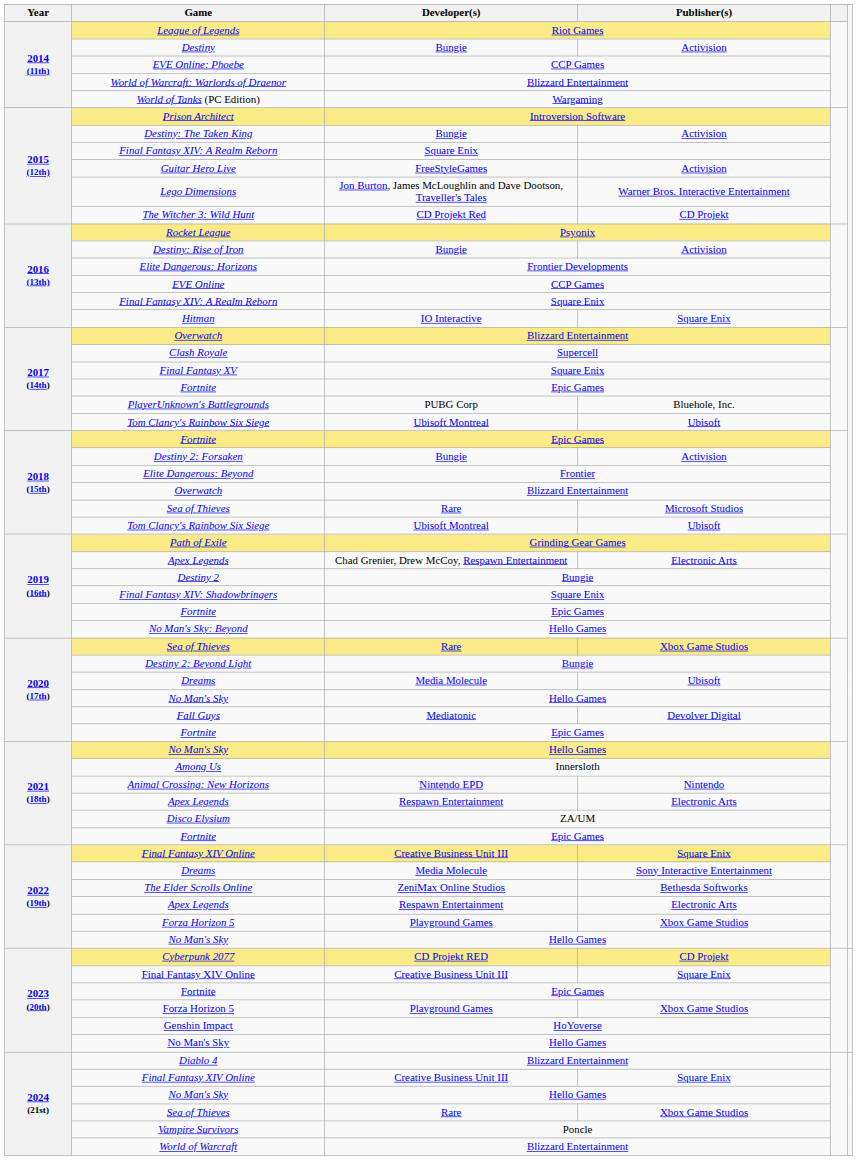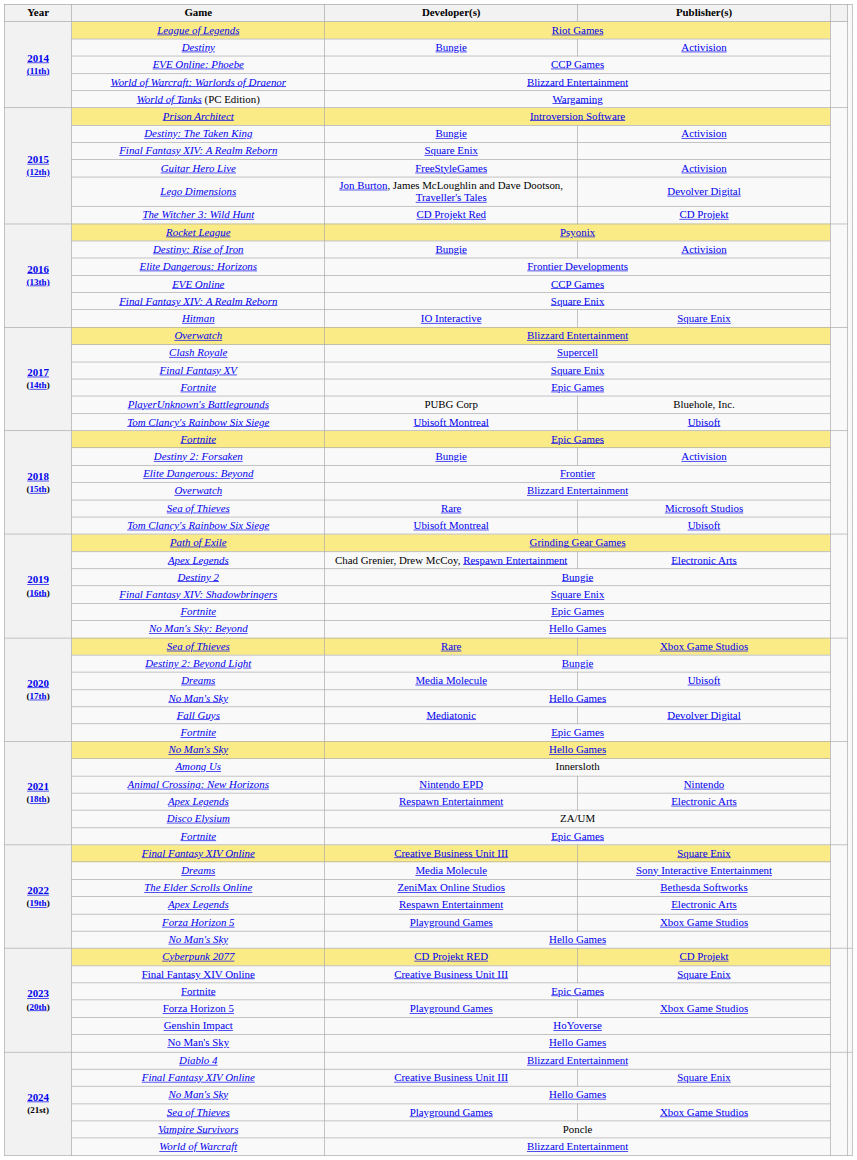 <table class="wikitable" rowspan=2 style="text-align: center;">
 <tr style="background:#bebebe;">
 <th scope="col" style="width:8%;">Year</th>
 <th scope="col" style="width:30%;">Game</th>
 <th scope="col" style="width:30%;">Developer(s)</th>
 <th scope="col" style="width:30%;">Publisher(s)</th>
 <th scope="col" style="width:2%;" class="unsortable"></th>
 </tr>
 <tr>
 <th scope="row" rowspan="5" style="text-align:center"><a href='#'>2014</a> <br><small><a href='#'>(11th)</a> </small></th>
 <td style="background:#FAEB86"><em><a href='#'>League of Legends</a></em></td>
 <td colspan="2" style="background:#FAEB86"><a href='#'>Riot Games</a></td>
 <td rowspan="5"></td>
 </tr>
 <tr>
 <td><em><a href='#'>Destiny</a></em></td>
 <td><a href='#'>Bungie</a></td>
 <td><a href='#'>Activision</a></td>
 </tr>
 <tr>
 <td><em><a href='#'>EVE Online: Phoebe</a></em></td>
 <td colspan="2"><a href='#'>CCP Games</a></td>
 </tr>
 <tr>
 <td><em><a href='#'>World of Warcraft: Warlords of Draenor</a></em></td>
 <td colspan="2"><a href='#'>Blizzard Entertainment</a></td>
 </tr>
 <tr>
 <td><em><a href='#'>World of Tanks</a></em> (PC Edition)</td>
 <td colspan=2><a href='#'>Wargaming</a></td>
 </tr>
 <tr>
 <th scope="row" rowspan="6" style="text-align:center"><a href='#'>2015</a> <br><small><a href='#'>(12th)</a> </small></th>
 <td style="background:#FAEB86"><em><a href='#'>Prison Architect</a></em></td>
 <td colspan="2" style="background:#FAEB86"><a href='#'>Introversion Software</a></td>
 <td rowspan="6"></td>
 </tr>
 <tr>
 <td><em><a href='#'>Destiny: The Taken King</a></em></td>
 <td><a href='#'>Bungie</a></td>
 <td><a href='#'>Activision</a></td>
 </tr>
 <tr>
 <td><em><a href='#'>Final Fantasy XIV: A Realm Reborn</a></em></td>
 <td><a href='#'>Square Enix</a></td>
 </tr>
 <tr>
 <td><em><a href='#'>Guitar Hero Live</a></em></td>
 <td><a href='#'>FreeStyleGames</a></td>
 <td><a href='#'>Activision</a></td>
 </tr>
 <tr>
 <td><em><a href='#'>Lego Dimensions</a></em></td>
 <td><a href='#'>Jon Burton</a>, James McLoughlin and Dave Dootson, <a href='#'>Traveller's Tales</a></td>
-<td><a href='#'>Warner Bros. Interactive Entertainment</a></td>
+<td><a href='#'>Devolver Digital</a></td>
 </tr>
 <tr>
 <td><em><a href='#'>The Witcher 3: Wild Hunt</a></em></td>
 <td><a href='#'>CD Projekt Red</a></td>
 <td><a href='#'>CD Projekt</a></td>
 </tr>
 <tr>
 <th rowspan="6"><a href='#'>2016</a> <br><small><a href='#'>(13th)</a></small></th>
 <td style="background:#FAEB86"><em><a href='#'>Rocket League</a></em></td>
 <td colspan="2" style="background:#FAEB86"><a href='#'>Psyonix</a></td>
 <td rowspan="6"></td>
 </tr>
 <tr>
 <td><em><a href='#'>Destiny: Rise of Iron</a></em></td>
 <td><a href='#'>Bungie</a></td>
 <td><a href='#'>Activision</a></td>
 </tr>
 <tr>
 <td><em><a href='#'>Elite Dangerous: Horizons</a></em></td>
 <td colspan="2"><a href='#'>Frontier Developments</a></td>
 </tr>
 <tr>
 <td><em><a href='#'>EVE Online</a></em></td>
 <td colspan="2"><a href='#'>CCP Games</a></td>
 </tr>
 <tr>
 <td><em><a href='#'>Final Fantasy XIV: A Realm Reborn</a></em></td>
 <td colspan="2"><a href='#'>Square Enix</a></td>
 </tr>
 <tr>
 <td><em><a href='#'>Hitman</a></em></td>
 <td><a href='#'>IO Interactive</a></td>
 <td><a href='#'>Square Enix</a></td>
 </tr>
 <tr>
 <th rowspan="6"><a href='#'>2017</a><br><small>(<a href='#'>14th</a>)</small></th>
 <td style="background:#FAEB86"><em><a href='#'>Overwatch</a></em></td>
 <td colspan="2" style="background:#FAEB86"><a href='#'>Blizzard Entertainment</a></td>
 <td rowspan="6"></td>
 </tr>
 <tr>
 <td><em><a href='#'>Clash Royale</a></em></td>
 <td colspan="2"><a href='#'>Supercell</a></td>
 </tr>
 <tr>
 <td><em><a href='#'>Final Fantasy XV</a></em></td>
 <td colspan="2"><a href='#'>Square Enix</a></td>
 </tr>
 <tr>
 <td><em><a href='#'>Fortnite</a></em></td>
 <td colspan="2"><a href='#'>Epic Games</a></td>
 </tr>
 <tr>
 <td><em><a href='#'>PlayerUnknown's Battlegrounds</a></em></td>
 <td>PUBG Corp</td>
 <td>Bluehole, Inc.</td>
 </tr>
 <tr>
 <td><em><a href='#'>Tom Clancy's Rainbow Six Siege</a></em></td>
 <td><a href='#'>Ubisoft Montreal</a></td>
 <td><a href='#'>Ubisoft</a></td>
 </tr>
 <tr>
 <th rowspan="6"><a href='#'>2018</a><br><small>(<a href='#'>15th</a>)</small></th>
 <td style="background:#FAEB86"><em><a href='#'>Fortnite</a></em></td>
 <td colspan="2" style="background:#FAEB86"><a href='#'>Epic Games</a></td>
 <td rowspan="6"></td>
 </tr>
 <tr>
 <td><em><a href='#'>Destiny 2: Forsaken</a></em></td>
 <td><a href='#'>Bungie</a></td>
 <td><a href='#'>Activision</a></td>
 </tr>
 <tr>
 <td><em><a href='#'>Elite Dangerous: Beyond</a></em></td>
 <td colspan="2"><a href='#'>Frontier</a></td>
 </tr>
 <tr>
 <td><em><a href='#'>Overwatch</a></em></td>
 <td colspan="2"><a href='#'>Blizzard Entertainment</a></td>
 </tr>
 <tr>
 <td><em><a href='#'>Sea of Thieves</a></em></td>
 <td><a href='#'>Rare</a></td>
 <td><a href='#'>Microsoft Studios</a></td>
 </tr>
 <tr>
 <td><em><a href='#'>Tom Clancy's Rainbow Six Siege</a></em></td>
 <td><a href='#'>Ubisoft Montreal</a></td>
 <td><a href='#'>Ubisoft</a></td>
 </tr>
 <tr>
 <th rowspan="6"><a href='#'>2019</a><br><small>(<a href='#'>16th</a>)</small></th>
 <td style="background:#FAEB86"><em><a href='#'>Path of Exile</a></em></td>
 <td colspan="2" style="background:#FAEB86"><a href='#'>Grinding Gear Games</a></td>
 <td rowspan="6"></td>
 </tr>
 <tr>
 <td><em><a href='#'>Apex Legends</a></em></td>
 <td>Chad Grenier, Drew McCoy, <a href='#'>Respawn Entertainment</a></td>
 <td><a href='#'>Electronic Arts</a></td>
 </tr>
 <tr>
 <td><em><a href='#'>Destiny 2</a></em></td>
 <td colspan="2"><a href='#'>Bungie</a></td>
 </tr>
 <tr>
 <td><em><a href='#'>Final Fantasy XIV: Shadowbringers</a></em></td>
 <td colspan="2"><a href='#'>Square Enix</a></td>
 </tr>
 <tr>
 <td><em><a href='#'>Fortnite</a></em></td>
 <td colspan="2"><a href='#'>Epic Games</a></td>
 </tr>
 <tr>
 <td><em><a href='#'>No Man's Sky: Beyond</a></em></td>
 <td colspan="2"><a href='#'>Hello Games</a></td>
 </tr>
 <tr>
 <th rowspan="6"><a href='#'>2020</a><br><small>(<a href='#'>17th</a>)</small></th>
 <td style="background:#FAEB86"><em><a href='#'>Sea of Thieves</a></em></td>
 <td style="background:#FAEB86"><a href='#'>Rare</a></td>
 <td style="background:#FAEB86"><a href='#'>Xbox Game Studios</a></td>
 <td rowspan="6"></td>
 </tr>
 <tr>
 <td><em><a href='#'>Destiny 2: Beyond Light</a></em></td>
 <td colspan="2"><a href='#'>Bungie</a></td>
 </tr>
 <tr>
 <td><em><a href='#'>Dreams</a></em></td>
 <td><a href='#'>Media Molecule</a></td>
 <td><a href='#'>Ubisoft</a></td>
 </tr>
 <tr>
 <td><em><a href='#'>No Man's Sky</a></em></td>
 <td colspan="2"><a href='#'>Hello Games</a></td>
 </tr>
 <tr>
 <td><em><a href='#'>Fall Guys</a></em></td>
 <td><a href='#'>Mediatonic</a></td>
 <td><a href='#'>Devolver Digital</a></td>
 </tr>
 <tr>
 <td><em><a href='#'>Fortnite</a></em></td>
 <td colspan="2"><a href='#'>Epic Games</a></td>
 </tr>
 <tr>
 <th rowspan="6"><a href='#'>2021</a><br><small>(<a href='#'>18th</a>)</small></th>
 <td style="background:#FAEB86"><em><a href='#'>No Man's Sky</a></em></td>
 <td colspan="2" style="background:#FAEB86"><a href='#'>Hello Games</a></td>
 <td rowspan="6"></td>
 </tr>
 <tr>
 <td><em><a href='#'>Among Us</a></em></td>
 <td colspan="2">Innersloth</td>
 </tr>
 <tr>
 <td><em><a href='#'>Animal Crossing: New Horizons</a></em></td>
 <td><a href='#'>Nintendo EPD</a></td>
 <td><a href='#'>Nintendo</a></td>
 </tr>
 <tr>
 <td><em><a href='#'>Apex Legends</a></em></td>
 <td><a href='#'>Respawn Entertainment</a></td>
 <td><a href='#'>Electronic Arts</a></td>
 </tr>
 <tr>
 <td><em><a href='#'>Disco Elysium</a></em></td>
 <td colspan="2">ZA/UM</td>
 </tr>
 <tr>
 <td><em><a href='#'>Fortnite</a></em></td>
 <td colspan="2"><a href='#'>Epic Games</a></td>
 </tr>
 <tr>
 <th rowspan="6"><a href='#'>2022</a><br><small>(<a href='#'>19th</a>)</small></th>
 <td style="background:#FAEB86"><em><a href='#'>Final Fantasy XIV Online</a></em></td>
 <td style="background:#FAEB86"><a href='#'>Creative Business Unit III</a></td>
 <td style="background:#FAEB86"><a href='#'>Square Enix</a></td>
 <td rowspan="6"></td>
 </tr>
 <tr>
 <td><em><a href='#'>Dreams</a></em></td>
 <td><a href='#'>Media Molecule</a></td>
 <td><a href='#'>Sony Interactive Entertainment</a></td>
 </tr>
 <tr>
 <td><em><a href='#'>The Elder Scrolls Online</a></em></td>
 <td><a href='#'>ZeniMax Online Studios</a></td>
 <td><a href='#'>Bethesda Softworks</a></td>
 </tr>
 <tr>
 <td><em><a href='#'>Apex Legends</a></em></td>
 <td><a href='#'>Respawn Entertainment</a></td>
 <td><a href='#'>Electronic Arts</a></td>
 </tr>
 <tr>
 <td><em><a href='#'>Forza Horizon 5</a></em></td>
 <td><a href='#'>Playground Games</a></td>
 <td><a href='#'>Xbox Game Studios</a></td>
 </tr>
 <tr>
 <td><em><a href='#'>No Man's Sky</a></em></td>
 <td colspan="2"><a href='#'>Hello Games</a></td>
 </tr>
 <tr>
 <th rowspan="6"><a href='#'>2023</a><br><small>(<a href='#'>20th</a>)</small></th>
 <td style="background:#FAEB86"><em><a href='#'>Cyberpunk 2077</a></em></td>
 <td style="background:#FAEB86"><a href='#'>CD Projekt RED</a></td>
 <td style="background:#FAEB86"><a href='#'>CD Projekt</a></td>
 <td rowspan="6"><br></td>
 <td rowspan="6"></td>
 </tr>
 <tr>
 <td><a href='#'>Final Fantasy XIV Online</a></td>
 <td><a href='#'>Creative Business Unit III</a></td>
 <td><a href='#'>Square Enix</a></td>
 </tr>
 <tr>
 <td><a href='#'>Fortnite</a></td>
 <td colspan="2"><a href='#'>Epic Games</a></td>
 </tr>
 <tr>
 <td><a href='#'>Forza Horizon 5</a></td>
 <td><a href='#'>Playground Games</a></td>
 <td><a href='#'>Xbox Game Studios</a></td>
 </tr>
 <tr>
 <td><a href='#'>Genshin Impact</a></td>
 <td colspan="2"><a href='#'>HoYoverse</a></td>
 </tr>
 <tr>
 <td><a href='#'>No Man's Sky</a></td>
 <td colspan="2"><a href='#'>Hello Games</a></td>
 </tr>
 <tr>
 <th rowspan="6"><a href='#'>2024</a><br><small>(21st)</small></th>
 <td><em><a href='#'>Diablo 4</a></em></td>
 <td colspan="2"><a href='#'>Blizzard Entertainment</a></td>
 <td rowspan="6"></td>
 </tr>
 <tr>
 <td><em><a href='#'>Final Fantasy XIV Online</a></em></td>
 <td><a href='#'>Creative Business Unit III</a></td>
 <td><a href='#'>Square Enix</a></td>
 </tr>
 <tr>
 <td><em><a href='#'>No Man's Sky</a></em></td>
 <td colspan="2"><a href='#'>Hello Games</a></td>
 </tr>
 <tr>
 <td><em><a href='#'>Sea of Thieves</a></em></td>
-<td><a href='#'>Rare</a></td>
+<td><a href='#'>Playground Games</a></td>
 <td><a href='#'>Xbox Game Studios</a></td>
 </tr>
 <tr>
 <td><em><a href='#'>Vampire Survivors</a></em></td>
 <td colspan="2">Poncle</td>
 </tr>
 <tr>
 <td><em><a href='#'>World of Warcraft</a></em></td>
 <td colspan="2"><a href='#'>Blizzard Entertainment</a></td>
 </tr>
 </table>
